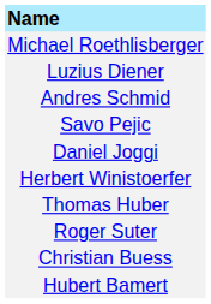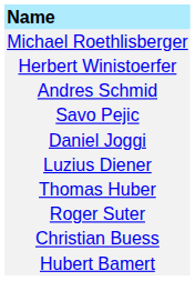 <table border=0 cellpadding=2 cellspacing=0  |- bgcolor=#F2F2F2 style="text-align:center; font-size:90%;">
 <tr bgcolor=#ADEBFD>
 <th align=left>Name</th>
 </tr>
 <tr>
 <td><a href='#'>Michael Roethlisberger</a></td>
 </tr>
 <tr>
-<td><a href='#'>Luzius Diener</a></td>
+<td><a href='#'>Herbert Winistoerfer</a></td>
 </tr>
 <tr>
 <td><a href='#'>Andres Schmid</a></td>
 </tr>
 <tr>
 <td><a href='#'>Savo Pejic</a></td>
 </tr>
 <tr>
 <td><a href='#'>Daniel Joggi</a></td>
 </tr>
 <tr>
-<td><a href='#'>Herbert Winistoerfer</a></td>
+<td><a href='#'>Luzius Diener</a></td>
 </tr>
 <tr>
 <td><a href='#'>Thomas Huber</a></td>
 </tr>
 <tr>
 <td><a href='#'>Roger Suter</a></td>
 </tr>
 <tr>
 <td><a href='#'>Christian Buess</a></td>
 </tr>
 <tr>
 <td><a href='#'>Hubert Bamert</a></td>
 </tr>
 </table>
